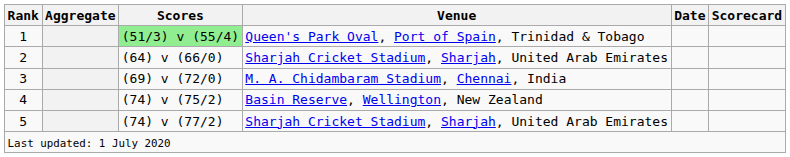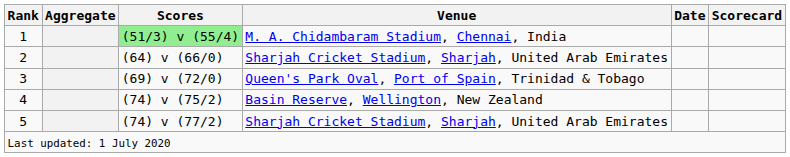 <table class="wikitable plainrowheaders sortable">
 <tr>
 <th scope=col>Rank</th>
 <th scope=col>Aggregate</th>
 <th scope=col>Scores</th>
 <th scope=col>Venue</th>
 <th scope=col>Date</th>
 <th scope=col>Scorecard</th>
 </tr>
 <tr>
 <td align=center>1</td>
 <th scope=row style=text-align:center;></th>
 <td style="background: lightgreen;"> (51/3) v  (55/4)</td>
-<td><a href='#'>Queen's Park Oval</a>, <a href='#'>Port of Spain</a>, Trinidad & Tobago</td>
+<td><a href='#'>M. A. Chidambaram Stadium</a>, <a href='#'>Chennai</a>, India</td>
 <td></td>
 <td></td>
 </tr>
 <tr>
 <td align=center>2</td>
 <th scope=row style=text-align:center;></th>
 <td> (64) v  (66/0)</td>
 <td><a href='#'>Sharjah Cricket Stadium</a>, <a href='#'>Sharjah</a>, United Arab Emirates</td>
 <td></td>
 <td></td>
 </tr>
 <tr>
 <td align=center>3</td>
 <th scope=row style=text-align:center;></th>
 <td> (69) v  (72/0)</td>
-<td><a href='#'>M. A. Chidambaram Stadium</a>, <a href='#'>Chennai</a>, India</td>
+<td><a href='#'>Queen's Park Oval</a>, <a href='#'>Port of Spain</a>, Trinidad & Tobago</td>
 <td> </td>
 <td></td>
 </tr>
 <tr>
 <td align=center>4</td>
 <th scope=row style=text-align:center;></th>
 <td> (74) v  (75/2)</td>
 <td><a href='#'>Basin Reserve</a>, <a href='#'>Wellington</a>, New Zealand</td>
 <td></td>
 <td></td>
 </tr>
 <tr>
 <td align=center>5</td>
 <th scope=row style=text-align:center;></th>
 <td> (74) v  (77/2)</td>
 <td><a href='#'>Sharjah Cricket Stadium</a>, <a href='#'>Sharjah</a>, United Arab Emirates</td>
 <td></td>
 <td></td>
 </tr>
 <tr>
 </tr>
 <tr class=sortbottom>
 <td colspan=6><small>Last updated: 1 July 2020</small></td>
 </tr>
 </table>
